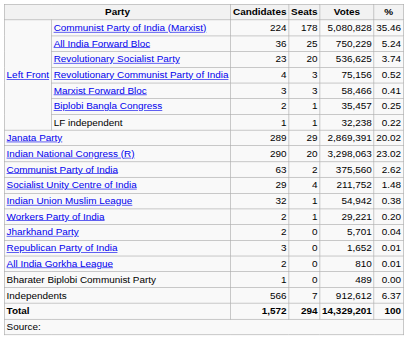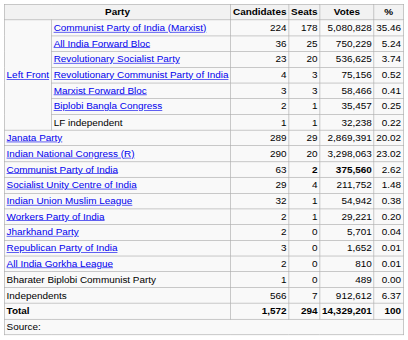 <table class=wikitable style=text-align:right>
 <tr>
 <th colspan=2>Party</th>
 <th>Candidates</th>
 <th>Seats</th>
 <th>Votes</th>
 <th>%</th>
 </tr>
 <tr>
 <td rowspan=7 align=left><a href='#'>Left Front</a></td>
 <td align=left><a href='#'>Communist Party of India (Marxist)</a></td>
 <td>224</td>
 <td>178</td>
 <td>5,080,828</td>
 <td>35.46</td>
 </tr>
 <tr>
 <td align=left><a href='#'>All India Forward Bloc</a></td>
 <td>36</td>
 <td>25</td>
 <td>750,229</td>
 <td>5.24</td>
 </tr>
 <tr>
 <td align=left><a href='#'>Revolutionary Socialist Party</a></td>
 <td>23</td>
 <td>20</td>
 <td>536,625</td>
 <td>3.74</td>
 </tr>
 <tr>
 <td align=left><a href='#'>Revolutionary Communist Party of India</a></td>
 <td>4</td>
 <td>3</td>
 <td>75,156</td>
 <td>0.52</td>
 </tr>
 <tr>
 <td align=left><a href='#'>Marxist Forward Bloc</a></td>
 <td>3</td>
 <td>3</td>
 <td>58,466</td>
 <td>0.41</td>
 </tr>
 <tr>
 <td align=left><a href='#'>Biplobi Bangla Congress</a></td>
 <td>2</td>
 <td>1</td>
 <td>35,457</td>
 <td>0.25</td>
 </tr>
 <tr>
 <td align=left>LF independent</td>
 <td>1</td>
 <td>1</td>
 <td>32,238</td>
 <td>0.22</td>
 </tr>
 <tr>
 <td colspan=2 align=left><a href='#'>Janata Party</a></td>
 <td>289</td>
 <td>29</td>
 <td>2,869,391</td>
 <td>20.02</td>
 </tr>
 <tr>
 <td colspan=2 align=left><a href='#'>Indian National Congress (R)</a></td>
 <td>290</td>
 <td>20</td>
 <td>3,298,063</td>
 <td>23.02</td>
 </tr>
 <tr>
 <td colspan=2 align=left><a href='#'>Communist Party of India</a></td>
 <td>63</td>
-<td>2</td>
-<td>375,560</td>
+<td><strong>2</strong></td>
+<td><strong>375,560</strong></td>
 <td>2.62</td>
 </tr>
 <tr>
 <td colspan=2 align=left><a href='#'>Socialist Unity Centre of India</a></td>
 <td>29</td>
 <td>4</td>
 <td>211,752</td>
 <td>1.48</td>
 </tr>
 <tr>
 <td colspan=2 align=left><a href='#'>Indian Union Muslim League</a></td>
 <td>32</td>
 <td>1</td>
 <td>54,942</td>
 <td>0.38</td>
 </tr>
 <tr>
 <td colspan=2 align=left><a href='#'>Workers Party of India</a></td>
 <td>2</td>
 <td>1</td>
 <td>29,221</td>
 <td>0.20</td>
 </tr>
 <tr>
 <td colspan=2 align=left><a href='#'>Jharkhand Party</a></td>
 <td>2</td>
 <td>0</td>
 <td>5,701</td>
 <td>0.04</td>
 </tr>
 <tr>
 <td colspan=2 align=left><a href='#'>Republican Party of India</a></td>
 <td>3</td>
 <td>0</td>
 <td>1,652</td>
 <td>0.01</td>
 </tr>
 <tr>
 <td colspan=2 align=left><a href='#'>All India Gorkha League</a></td>
 <td>2</td>
 <td>0</td>
 <td>810</td>
 <td>0.01</td>
 </tr>
 <tr>
 <td colspan=2 align=left>Bharater Biplobi Communist Party</td>
 <td>1</td>
 <td>0</td>
 <td>489</td>
 <td>0.00</td>
 </tr>
 <tr>
 <td colspan=2 align=left>Independents</td>
 <td>566</td>
 <td>7</td>
 <td>912,612</td>
 <td>6.37</td>
 </tr>
 <tr>
 <td colspan=2 align=left><strong>Total</strong></td>
 <td><strong>1,572</strong></td>
 <td><strong>294</strong></td>
 <td><strong>14,329,201</strong></td>
 <td><strong>100</strong></td>
 </tr>
 <tr>
 <td align=left colspan=6>Source: </td>
 </tr>
 </table>
